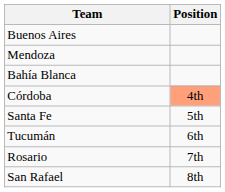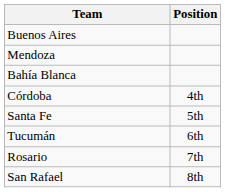 <table class="wikitable">
 <tr>
 <th width=200px>Team</th>
 <th width=40px>Position</th>
 </tr>
 <tr>
 <td> Buenos Aires</td>
 <td align=center></td>
 </tr>
 <tr>
 <td> Mendoza</td>
 <td align=center></td>
 </tr>
 <tr>
 <td> Bahía Blanca</td>
 <td align=center></td>
 </tr>
 <tr>
 <td> Córdoba</td>
-<td align=center style="background: lightsalmon;">4th</td>
+<td align=center>4th</td>
 </tr>
 <tr>
 <td> Santa Fe</td>
 <td align=center>5th</td>
 </tr>
 <tr>
 <td> Tucumán</td>
 <td align=center>6th</td>
 </tr>
 <tr>
 <td> Rosario</td>
 <td align=center>7th </td>
 </tr>
 <tr>
 <td> San Rafael</td>
 <td align=center>8th </td>
 </tr>
 </table>
